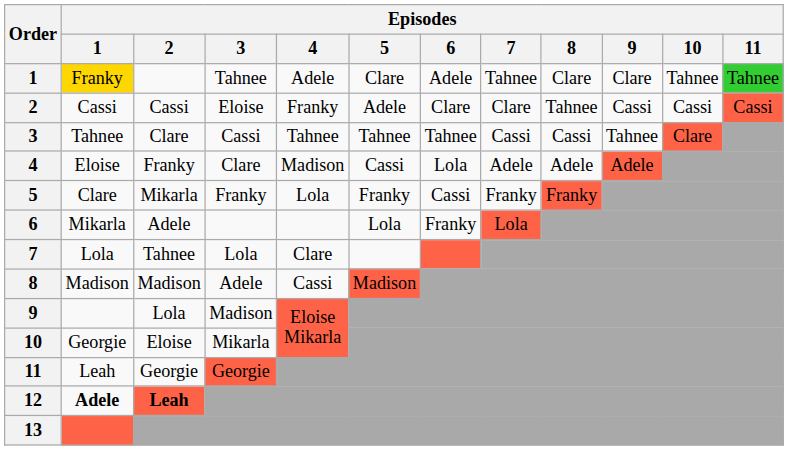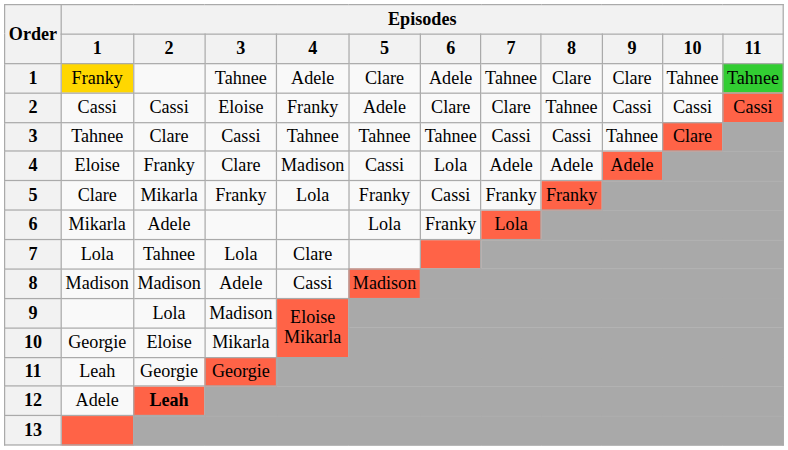 <table class="wikitable" style="text-align:center;font-size:92%">
 <tr>
 <th rowspan=2>Order</th>
 <th colspan="11">Episodes</th>
 </tr>
 <tr>
 <th>1</th>
 <th>2</th>
 <th>3</th>
 <th>4</th>
 <th>5</th>
 <th>6</th>
 <th>7</th>
 <th>8</th>
 <th>9</th>
 <th>10</th>
 <th>11</th>
 </tr>
 <tr>
 <th>1</th>
 <td bgcolor="gold">Franky</td>
 <td></td>
 <td>Tahnee</td>
 <td>Adele</td>
 <td>Clare</td>
 <td>Adele</td>
 <td>Tahnee</td>
 <td>Clare</td>
 <td>Clare</td>
 <td>Tahnee</td>
 <td bgcolor="limegreen">Tahnee</td>
 </tr>
 <tr>
 <th>2</th>
 <td>Cassi</td>
 <td>Cassi</td>
 <td>Eloise</td>
 <td>Franky</td>
 <td>Adele</td>
 <td>Clare</td>
 <td>Clare</td>
 <td>Tahnee</td>
 <td>Cassi</td>
 <td>Cassi</td>
 <td bgcolor="tomato">Cassi</td>
 </tr>
 <tr>
 <th>3</th>
 <td>Tahnee</td>
 <td>Clare</td>
 <td>Cassi</td>
 <td>Tahnee</td>
 <td>Tahnee</td>
 <td>Tahnee</td>
 <td>Cassi</td>
 <td>Cassi</td>
 <td>Tahnee</td>
 <td bgcolor="tomato">Clare</td>
 <td bgcolor="darkgray"></td>
 </tr>
 <tr>
 <th>4</th>
 <td>Eloise</td>
 <td>Franky</td>
 <td>Clare</td>
 <td>Madison</td>
 <td>Cassi</td>
 <td>Lola</td>
 <td>Adele</td>
 <td>Adele</td>
 <td bgcolor="tomato">Adele</td>
 <td colspan="2" bgcolor="darkgray"></td>
 </tr>
 <tr>
 <th>5</th>
 <td>Clare</td>
 <td>Mikarla</td>
 <td>Franky</td>
 <td>Lola</td>
 <td>Franky</td>
 <td>Cassi</td>
 <td>Franky</td>
 <td bgcolor="tomato">Franky</td>
 <td colspan="3" bgcolor="darkgray"></td>
 </tr>
 <tr>
 <th>6</th>
 <td>Mikarla</td>
 <td>Adele</td>
 <td></td>
 <td></td>
 <td>Lola</td>
 <td>Franky</td>
 <td bgcolor="tomato">Lola</td>
 <td colspan="4" bgcolor="darkgray"></td>
 </tr>
 <tr>
 <th>7</th>
 <td>Lola</td>
 <td>Tahnee</td>
 <td>Lola</td>
 <td>Clare</td>
 <td></td>
 <td bgcolor="tomato"></td>
 <td colspan="5" bgcolor="darkgray"></td>
 </tr>
 <tr>
 <th>8</th>
 <td>Madison</td>
 <td>Madison</td>
 <td>Adele</td>
 <td>Cassi</td>
 <td bgcolor="tomato">Madison</td>
 <td colspan="6" bgcolor="darkgray"></td>
 </tr>
 <tr>
 <th>9</th>
 <td></td>
 <td>Lola</td>
 <td>Madison</td>
 <td rowspan="2" bgcolor="tomato">Eloise<br>Mikarla</td>
 <td colspan="7" bgcolor="darkgray"></td>
 </tr>
 <tr>
 <th>10</th>
 <td>Georgie</td>
 <td>Eloise</td>
 <td>Mikarla</td>
 <td colspan="7" bgcolor="darkgray"></td>
 </tr>
 <tr>
 <th>11</th>
 <td>Leah</td>
 <td>Georgie</td>
 <td bgcolor="tomato">Georgie</td>
 <td colspan="8" bgcolor="darkgray"></td>
 </tr>
 <tr>
 <th>12</th>
-<td><strong>Adele</strong></td>
+<td>Adele</td>
 <td bgcolor="tomato"><strong>Leah</strong></td>
 <td colspan="9" bgcolor="darkgray"></td>
 </tr>
 <tr>
 <th>13</th>
 <td bgcolor="tomato"></td>
 <td colspan="10" bgcolor="darkgray"></td>
 </tr>
 </table>
